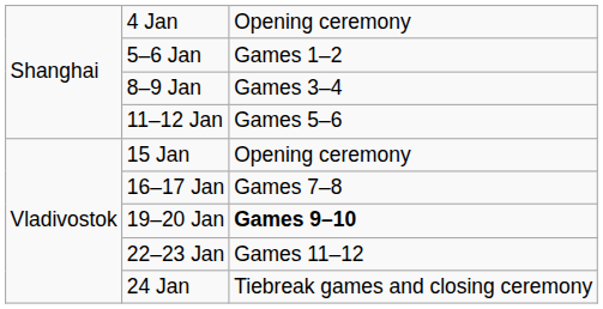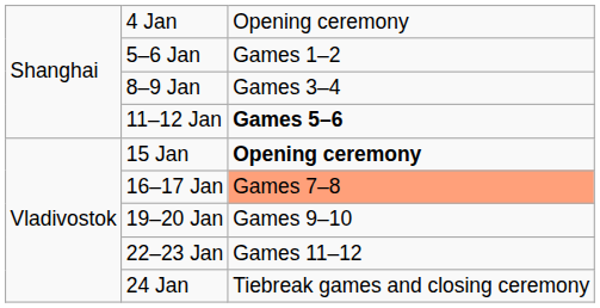 <table class="wikitable">
 <tr>
 <td rowspan=4>Shanghai</td>
 <td>4 Jan</td>
 <td>Opening ceremony</td>
 </tr>
 <tr>
 <td>5–6 Jan</td>
 <td>Games 1–2</td>
 </tr>
 <tr>
 <td>8–9 Jan</td>
 <td>Games 3–4</td>
 </tr>
 <tr>
 <td>11–12 Jan</td>
-<td>Games 5–6</td>
+<td><strong>Games 5–6</strong></td>
 </tr>
 <tr>
 <td rowspan=5>Vladivostok</td>
 <td>15 Jan</td>
-<td>Opening ceremony</td>
+<td><strong>Opening ceremony</strong></td>
 </tr>
 <tr>
 <td>16–17 Jan</td>
-<td>Games 7–8</td>
+<td style="background: lightsalmon;">Games 7–8</td>
 </tr>
 <tr>
 <td>19–20 Jan</td>
-<td><strong>Games 9–10</strong></td>
+<td>Games 9–10</td>
 </tr>
 <tr>
 <td>22–23 Jan</td>
 <td>Games 11–12</td>
 </tr>
 <tr>
 <td>24 Jan</td>
 <td>Tiebreak games and closing ceremony</td>
 </tr>
 </table>
